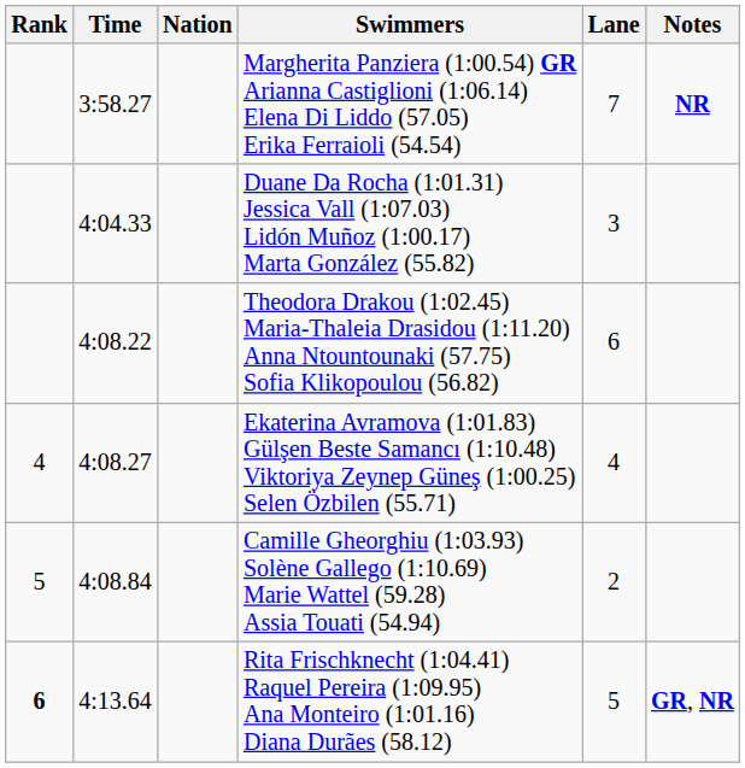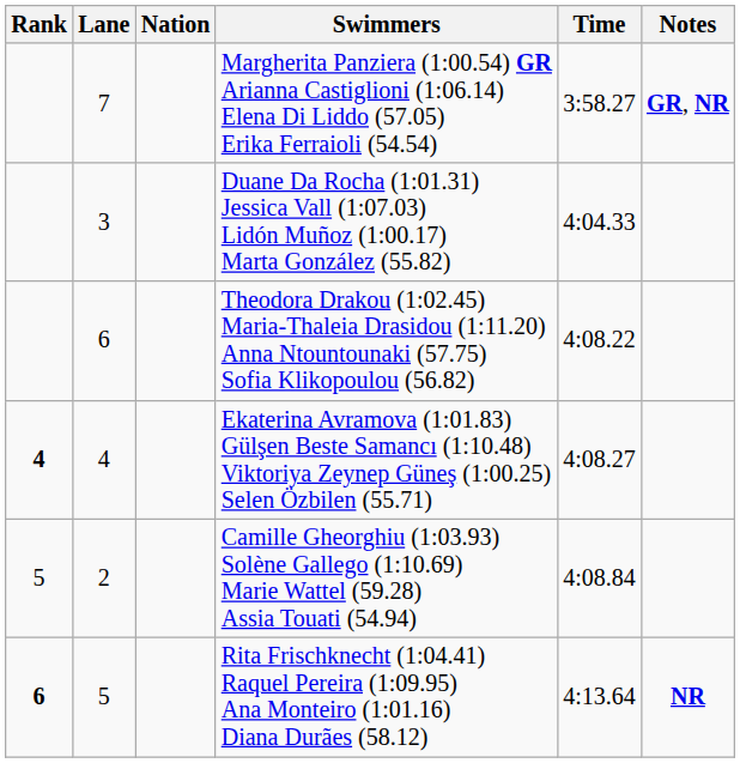 <table class="wikitable sortable" style="text-align:center">
 <tr>
 <th>Rank</th>
-<th>Time</th>
+<th>Lane</th>
 <th>Nation</th>
 <th>Swimmers</th>
-<th>Lane</th>
+<th>Time</th>
 <th>Notes</th>
 </tr>
 <tr>
 <td></td>
-<td>3:58.27</td>
+<td>7</td>
 <td align="left"></td>
 <td align="left"><a href='#'>Margherita Panziera</a> (1:00.54) <strong><a href='#'>GR</a></strong><br><a href='#'>Arianna Castiglioni</a> (1:06.14)<br><a href='#'>Elena Di Liddo</a> (57.05)<br><a href='#'>Erika Ferraioli</a> (54.54)</td>
-<td>7</td>
-<td><strong><a href='#'>NR</a></strong></td>
+<td>3:58.27</td>
+<td><strong><a href='#'>GR</a></strong>, <strong><a href='#'>NR</a></strong></td>
 </tr>
 <tr>
 <td></td>
-<td>4:04.33</td>
+<td>3</td>
 <td align="left"></td>
 <td align="left"><a href='#'>Duane Da Rocha</a> (1:01.31)<br><a href='#'>Jessica Vall</a> (1:07.03)<br><a href='#'>Lidón Muñoz</a> (1:00.17)<br><a href='#'>Marta González</a> (55.82)</td>
-<td>3</td>
+<td>4:04.33</td>
 <td></td>
 </tr>
 <tr>
 <td></td>
-<td>4:08.22</td>
+<td>6</td>
 <td align="left"></td>
 <td align="left"><a href='#'>Theodora Drakou</a> (1:02.45)<br><a href='#'>Maria-Thaleia Drasidou</a> (1:11.20)<br><a href='#'>Anna Ntountounaki</a> (57.75)<br><a href='#'>Sofia Klikopoulou</a> (56.82)</td>
-<td>6</td>
+<td>4:08.22</td>
 <td></td>
 </tr>
 <tr>
+<td><strong>4</strong></td>
 <td>4</td>
-<td>4:08.27</td>
 <td align="left"></td>
 <td align="left"><a href='#'>Ekaterina Avramova</a> (1:01.83)<br><a href='#'>Gülşen Beste Samancı</a> (1:10.48)<br><a href='#'>Viktoriya Zeynep Güneş</a> (1:00.25)<br><a href='#'>Selen Özbilen</a> (55.71)</td>
-<td>4</td>
+<td>4:08.27</td>
 <td></td>
 </tr>
 <tr>
 <td>5</td>
-<td>4:08.84</td>
+<td>2</td>
 <td align="left"></td>
 <td align="left"><a href='#'>Camille Gheorghiu</a> (1:03.93)<br><a href='#'>Solène Gallego</a> (1:10.69)<br><a href='#'>Marie Wattel</a> (59.28)<br><a href='#'>Assia Touati</a> (54.94)</td>
-<td>2</td>
+<td>4:08.84</td>
 <td></td>
 </tr>
 <tr>
 <td><strong>6</strong></td>
-<td>4:13.64</td>
+<td>5</td>
 <td align="left"></td>
 <td align="left"><a href='#'>Rita Frischknecht</a> (1:04.41)<br><a href='#'>Raquel Pereira</a> (1:09.95)<br><a href='#'>Ana Monteiro</a> (1:01.16)<br><a href='#'>Diana Durães</a> (58.12)</td>
-<td>5</td>
-<td><strong><a href='#'>GR</a></strong>, <strong><a href='#'>NR</a></strong></td>
+<td>4:13.64</td>
+<td><strong><a href='#'>NR</a></strong></td>
 </tr>
 </table>
